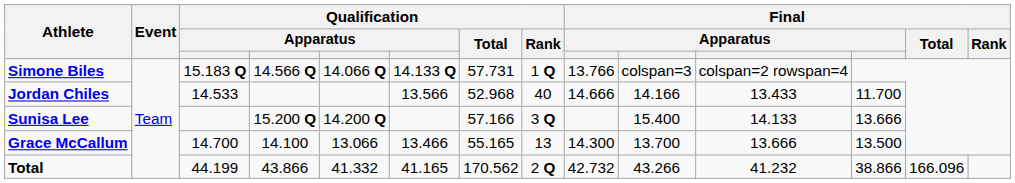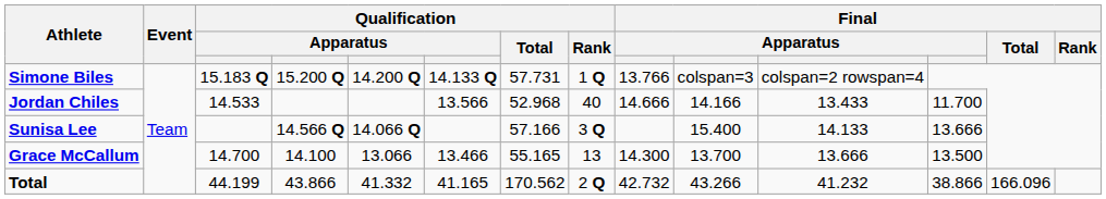 <table class=wikitable style=font-size:90%;text-align:center>
 <tr>
 <th rowspan=3>Athlete</th>
 <th rowspan=3>Event</th>
 <th colspan=6>Qualification</th>
 <th colspan=6>Final</th>
 </tr>
 <tr style=font-size:95%>
 <th colspan=4>Apparatus</th>
 <th rowspan=2>Total</th>
 <th rowspan=2>Rank</th>
 <th colspan=4>Apparatus</th>
 <th rowspan=2>Total</th>
 <th rowspan=2>Rank</th>
 </tr>
 <tr style=font-size:95%>
 <th></th>
 <th></th>
 <th></th>
 <th></th>
 <th></th>
 <th></th>
 <th></th>
 <th></th>
 </tr>
 <tr>
 <td align=left><strong><a href='#'>Simone Biles</a></strong></td>
 <td align=left rowspan=5><a href='#'>Team</a></td>
 <td>15.183 <strong>Q</strong></td>
-<td>14.566 <strong>Q</strong></td>
-<td>14.066 <strong>Q</strong></td>
+<td>15.200 <strong>Q</strong></td>
+<td>14.200 <strong>Q</strong></td>
 <td>14.133 <strong>Q</strong></td>
 <td>57.731</td>
 <td>1 <strong>Q</strong></td>
 <td>13.766</td>
 <td>colspan=3 </td>
 <td>colspan=2 rowspan=4 </td>
 </tr>
 <tr>
 <td align=left><strong><a href='#'>Jordan Chiles</a></strong></td>
 <td>14.533</td>
 <td></td>
 <td></td>
 <td>13.566</td>
 <td>52.968</td>
 <td>40</td>
 <td>14.666</td>
 <td>14.166</td>
 <td>13.433</td>
 <td>11.700</td>
 </tr>
 <tr>
 <td align=left><strong><a href='#'>Sunisa Lee</a></strong></td>
 <td></td>
-<td>15.200 <strong>Q</strong></td>
-<td>14.200 <strong>Q</strong></td>
+<td>14.566 <strong>Q</strong></td>
+<td>14.066 <strong>Q</strong></td>
 <td></td>
 <td>57.166</td>
 <td>3 <strong>Q</strong></td>
 <td></td>
 <td>15.400</td>
 <td>14.133</td>
 <td>13.666</td>
 </tr>
 <tr>
 <td align=left><strong><a href='#'>Grace McCallum</a></strong></td>
 <td>14.700</td>
 <td>14.100</td>
 <td>13.066</td>
 <td>13.466</td>
 <td>55.165</td>
 <td>13</td>
 <td>14.300</td>
 <td>13.700</td>
 <td>13.666</td>
 <td>13.500</td>
 </tr>
 <tr>
 <td align=left><strong>Total</strong></td>
 <td>44.199</td>
 <td>43.866</td>
 <td>41.332</td>
 <td>41.165</td>
 <td>170.562</td>
 <td>2 <strong>Q</strong></td>
 <td>42.732</td>
 <td>43.266</td>
 <td>41.232</td>
 <td>38.866</td>
 <td>166.096</td>
 <td></td>
 </tr>
 </table>
